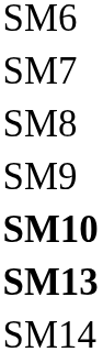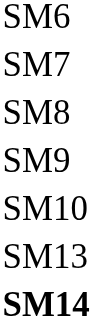 <table>
 <tr>
 <td>SM6</td>
 <td></td>
 <td></td>
 <td></td>
 </tr>
 <tr>
 <td>SM7</td>
 <td></td>
 <td></td>
 <td></td>
 </tr>
 <tr>
 <td>SM8</td>
 <td></td>
 <td></td>
 <td></td>
 </tr>
 <tr>
 <td>SM9</td>
 <td></td>
 <td></td>
 <td></td>
 </tr>
 <tr>
-<td><strong>SM10</strong></td>
+<td>SM10</td>
 <td></td>
 <td></td>
 <td></td>
 </tr>
 <tr>
-<td><strong>SM13</strong></td>
+<td>SM13</td>
 <td></td>
 <td></td>
 <td></td>
 </tr>
 <tr>
-<td>SM14</td>
+<td><strong>SM14</strong></td>
 <td></td>
 <td></td>
 <td></td>
 </tr>
 </table>
